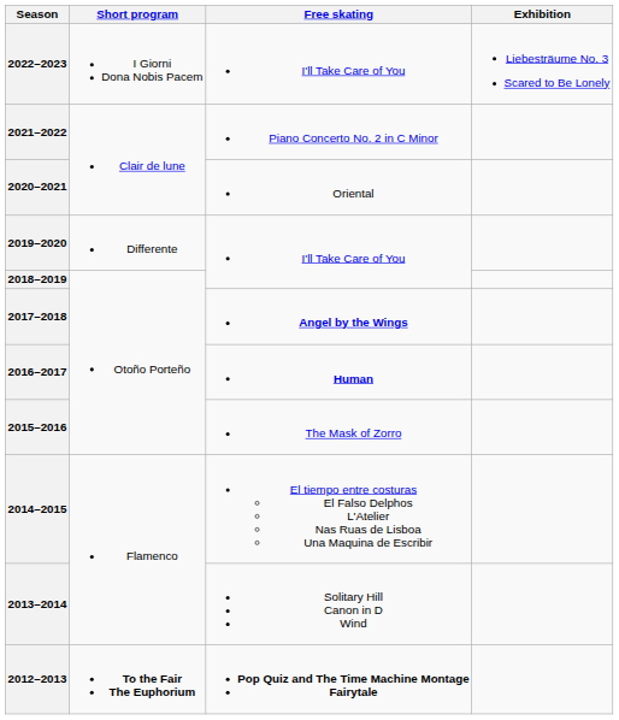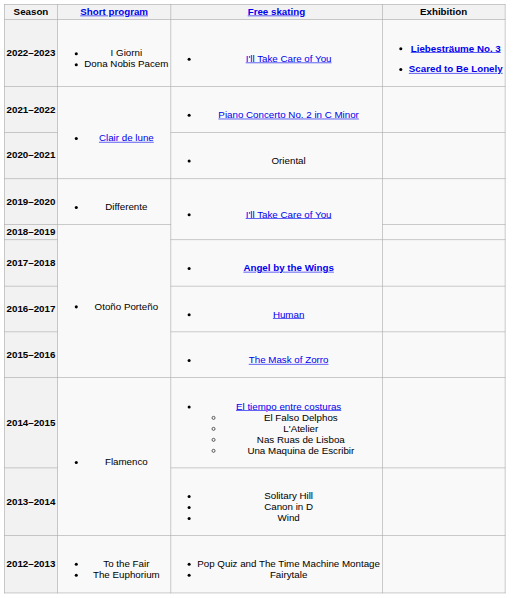 <table class=wikitable style=text-align:center>
 <tr>
 <th>Season</th>
 <th><a href='#'>Short program</a></th>
 <th><a href='#'>Free skating</a></th>
 <th>Exhibition</th>
 </tr>
 <tr>
 <th>2022–2023 <br> </th>
 <td><br><ul><li>I Giorni</li><li>Dona Nobis Pacem <br> </li></ul></td>
 <td><br><ul><li><a href='#'>I'll Take Care of You</a> <br> </li></ul></td>
-<td><br><ul><li><a href='#'>Liebesträume No. 3</a> <br></li></ul><ul><li><a href='#'>Scared to Be Lonely</a><br></li></ul></td>
+<td><strong><br><ul><li><a href='#'>Liebesträume No. 3</a> <br></li></ul><ul><li><a href='#'>Scared to Be Lonely</a><br></li></ul></strong></td>
 </tr>
 <tr>
 <th>2021–2022</th>
 <td rowspan=2><br><ul><li><a href='#'>Clair de lune</a> <br> </li></ul></td>
 <td><br><ul><li><a href='#'>Piano Concerto No. 2 in C Minor</a> <br> </li></ul></td>
 <td></td>
 </tr>
 <tr>
 <th>2020–2021 <br> </th>
 <td><br><ul><li>Oriental <br> </li></ul></td>
 <td></td>
 </tr>
 <tr>
 <th>2019–2020 <br> </th>
 <td><br><ul><li>Differente <br> </li></ul></td>
 <td rowspan=2><br><ul><li><a href='#'>I'll Take Care of You</a> <br> </li></ul></td>
 <td></td>
 </tr>
 <tr>
 <th>2018–2019</th>
 <td rowspan=4><br><ul><li>Otoño Porteño <br> </li></ul></td>
 <td></td>
 </tr>
 <tr>
 <th>2017–2018</th>
 <td><strong><br><ul><li><a href='#'>Angel by the Wings</a> <br> </li></ul></strong></td>
 <td></td>
 </tr>
 <tr>
 <th>2016–2017</th>
-<td><strong><br><ul><li><a href='#'>Human</a> <br> </li></ul></strong></td>
+<td><br><ul><li><a href='#'>Human</a> <br> </li></ul></td>
 <td></td>
 </tr>
 <tr>
 <th>2015–2016</th>
 <td><br><ul><li><a href='#'>The Mask of Zorro</a> <br> </li></ul></td>
 <td></td>
 </tr>
 <tr>
 <th>2014–2015 <br> </th>
 <td rowspan=2><br><ul><li>Flamenco <br></li></ul></td>
 <td><br><ul><li><a href='#'>El tiempo entre costuras</a> <br><ul><li>El Falso Delphos</li><li>L'Atelier</li><li>Nas Ruas de Lisboa</li><li>Una Maquina de Escribir</li></ul></li></ul></td>
 <td></td>
 </tr>
 <tr>
 <th>2013–2014 <br> </th>
 <td><br><ul><li>Solitary Hill</li><li>Canon in D</li><li>Wind</li></ul></td>
 <td></td>
 </tr>
 <tr>
 <th>2012–2013 <br> </th>
-<td><strong><br><ul><li>To the Fair <br></li><li>The Euphorium <br></li></ul></strong></td>
-<td><strong><br><ul><li>Pop Quiz and The Time Machine Montage <br></li><li>Fairytale <br></li></ul></strong></td>
+<td><br><ul><li>To the Fair <br></li><li>The Euphorium <br></li></ul></td>
+<td><br><ul><li>Pop Quiz and The Time Machine Montage <br></li><li>Fairytale <br></li></ul></td>
 <td></td>
 </tr>
 </table>
